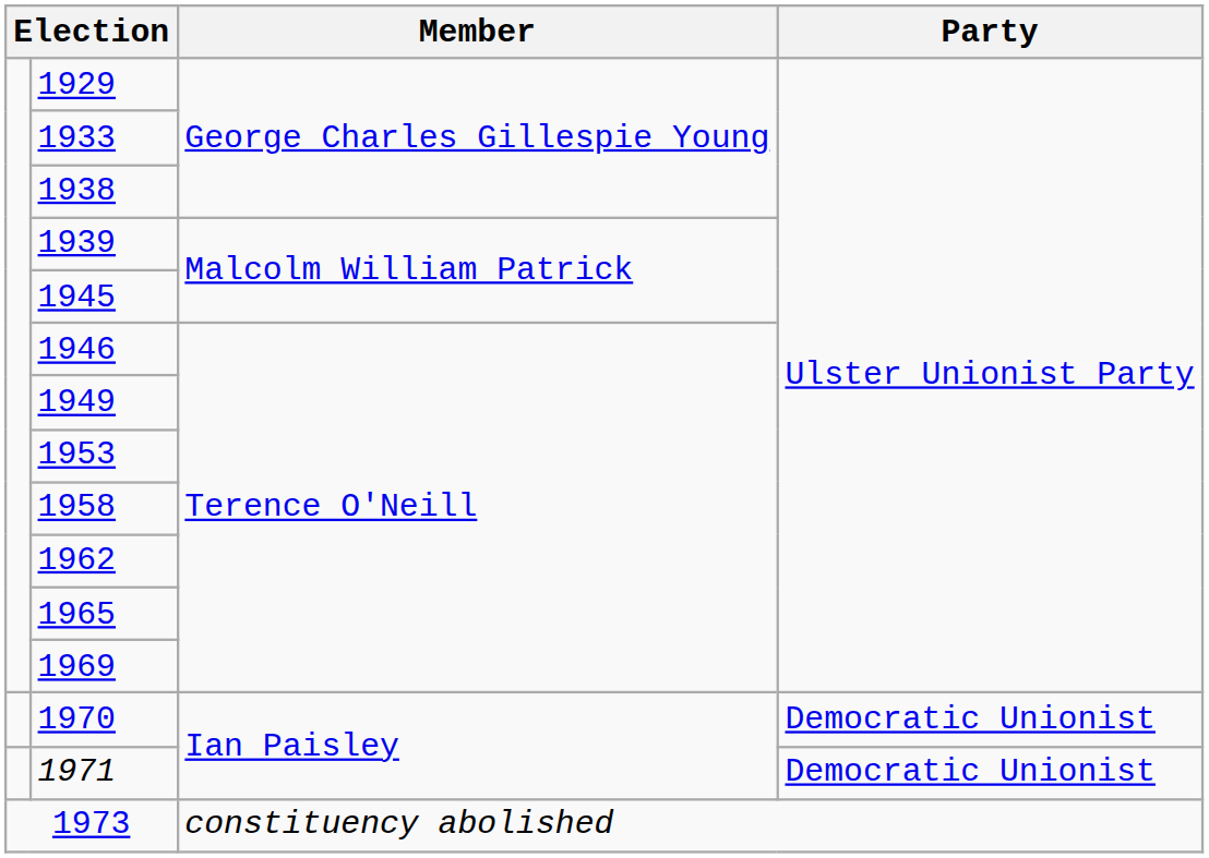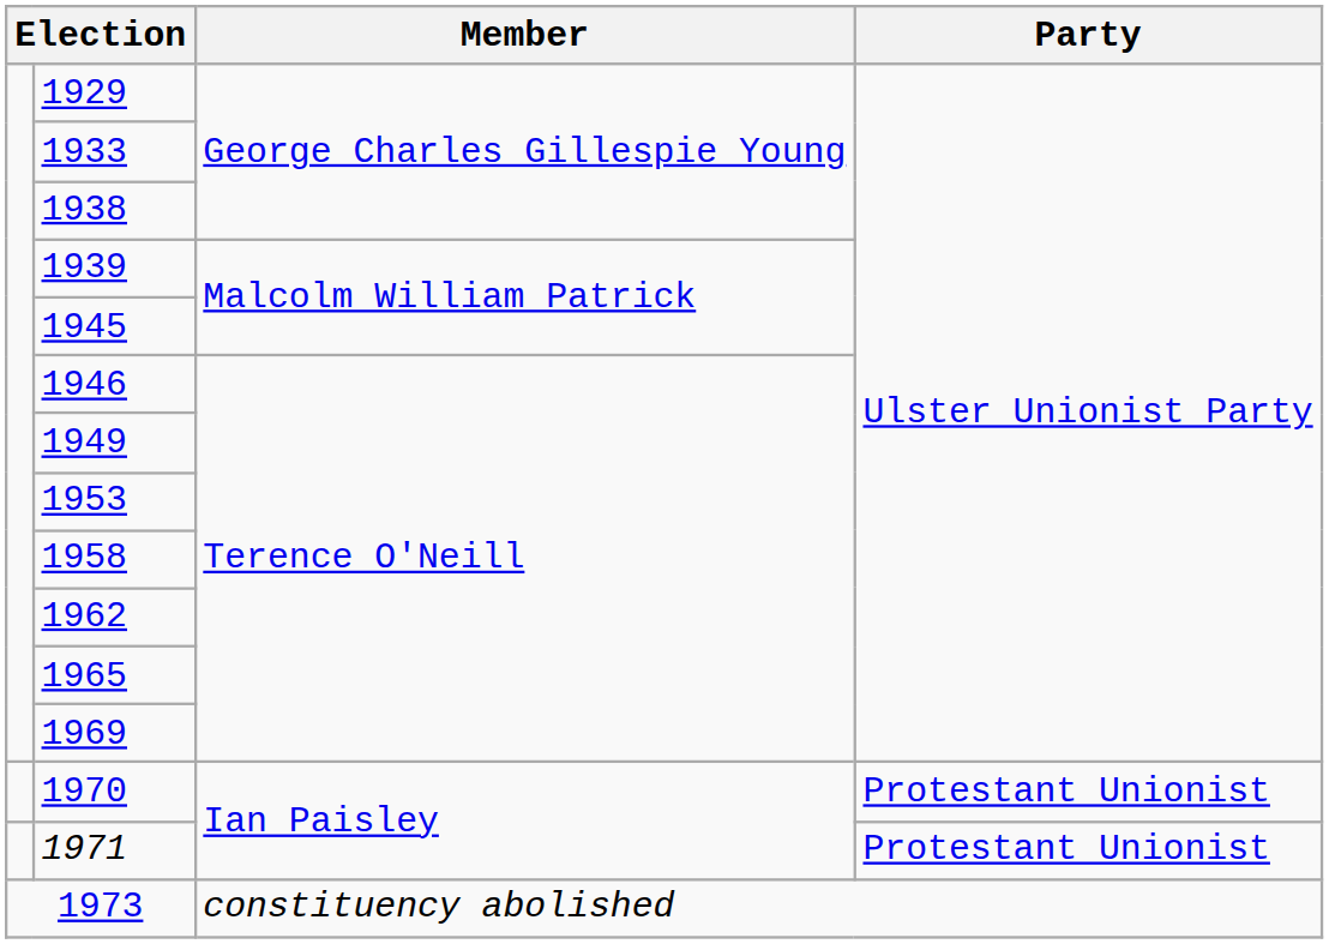 <table class="wikitable">
 <tr>
 <th colspan="2">Election</th>
 <th>Member</th>
 <th>Party</th>
 </tr>
 <tr>
 <td rowspan="12" style="background-color: "></td>
 <td><a href='#'>1929</a></td>
 <td rowspan="3"><a href='#'>George Charles Gillespie Young</a></td>
 <td rowspan="12"><a href='#'>Ulster Unionist Party</a></td>
 </tr>
 <tr>
 <td><a href='#'>1933</a></td>
 </tr>
 <tr>
 <td><a href='#'>1938</a></td>
 </tr>
 <tr>
 <td><a href='#'>1939</a></td>
 <td rowspan="2"><a href='#'>Malcolm William Patrick</a></td>
 </tr>
 <tr>
 <td><a href='#'>1945</a></td>
 </tr>
 <tr>
 <td><a href='#'>1946</a></td>
 <td rowspan="7"><a href='#'>Terence O'Neill</a></td>
 </tr>
 <tr>
 <td><a href='#'>1949</a></td>
 </tr>
 <tr>
 <td><a href='#'>1953</a></td>
 </tr>
 <tr>
 <td><a href='#'>1958</a></td>
 </tr>
 <tr>
 <td><a href='#'>1962</a></td>
 </tr>
 <tr>
 <td><a href='#'>1965</a></td>
 </tr>
 <tr>
 <td><a href='#'>1969</a></td>
 </tr>
 <tr>
 <td style="background-color: "></td>
 <td><a href='#'>1970</a></td>
 <td rowspan=2><a href='#'>Ian Paisley</a></td>
-<td><a href='#'>Democratic Unionist</a></td>
+<td><a href='#'>Protestant Unionist</a></td>
 </tr>
 <tr>
 <td style="background-color: "></td>
 <td><em>1971</em></td>
-<td><a href='#'>Democratic Unionist</a></td>
+<td><a href='#'>Protestant Unionist</a></td>
 </tr>
 <tr>
 <td colspan="2" align="center"><a href='#'>1973</a></td>
 <td colspan="2"><em>constituency abolished</em></td>
 </tr>
 </table>
